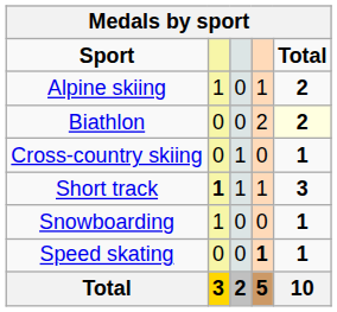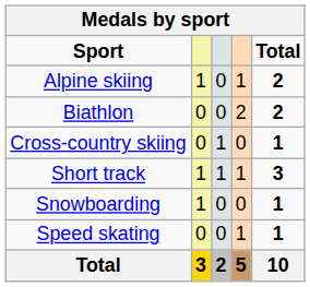 <table class="wikitable" style="font-size:85%;float:right">
 <tr bgcolor=EFEFEF>
 <th colspan=5>Medals by sport</th>
 </tr>
 <tr align=center>
 <td><strong>Sport</strong></td>
 <td bgcolor=#f7f6a8></td>
 <td bgcolor=#dce5e5></td>
 <td bgcolor=#ffdab9></td>
 <td><strong>Total</strong></td>
 </tr>
 <tr align=center>
 <td><a href='#'>Alpine skiing</a></td>
 <td style="background:#F7F6A8;">1</td>
 <td style="background:#DCE5E5;">0</td>
 <td style="background:#FFDAB9;">1</td>
 <td><strong>2</strong></td>
 </tr>
 <tr align=center>
 <td><a href='#'>Biathlon</a></td>
 <td style="background:#F7F6A8;">0</td>
 <td style="background:#DCE5E5;">0</td>
 <td style="background:#FFDAB9;">2</td>
-<td style="background: lightyellow;"><strong>2</strong></td>
+<td><strong>2</strong></td>
 </tr>
 <tr align=center>
 <td><a href='#'>Cross-country skiing</a></td>
 <td style="background:#F7F6A8;">0</td>
 <td style="background:#DCE5E5;">1</td>
 <td style="background:#FFDAB9;">0</td>
 <td><strong>1</strong></td>
 </tr>
 <tr align=center>
 <td><a href='#'>Short track</a></td>
-<td style="background:#F7F6A8;"><strong>1</strong></td>
+<td style="background:#F7F6A8;">1</td>
 <td style="background:#DCE5E5;">1</td>
 <td style="background:#FFDAB9;">1</td>
 <td><strong>3</strong></td>
 </tr>
 <tr align=center>
 <td><a href='#'>Snowboarding</a></td>
 <td style="background:#F7F6A8;">1</td>
 <td style="background:#DCE5E5;">0</td>
 <td style="background:#FFDAB9;">0</td>
 <td><strong>1</strong></td>
 </tr>
 <tr align=center>
 <td><a href='#'>Speed skating</a></td>
 <td style="background:#F7F6A8;">0</td>
 <td style="background:#DCE5E5;">0</td>
-<td style="background:#FFDAB9;"><strong>1</strong></td>
+<td style="background:#FFDAB9;">1</td>
 <td><strong>1</strong></td>
 </tr>
 <tr align=center>
 <th>Total</th>
 <th style="background:gold;">3</th>
 <th style="background:silver;">2</th>
 <th style="background:#c96;">5</th>
 <th>10</th>
 </tr>
 </table>
